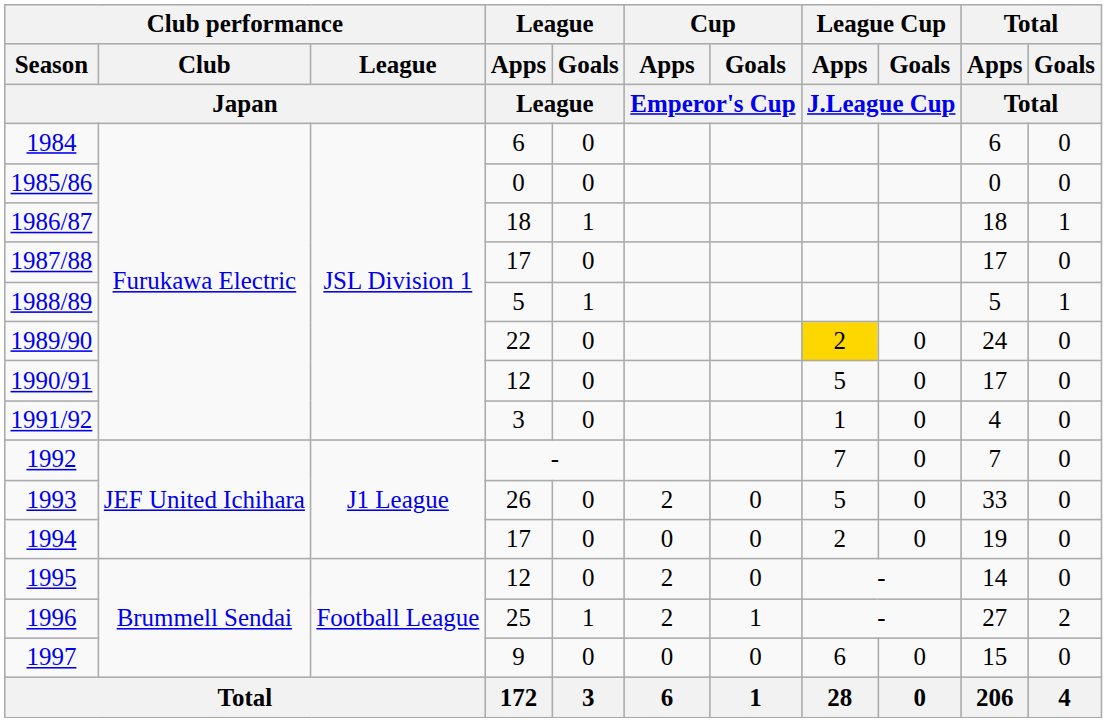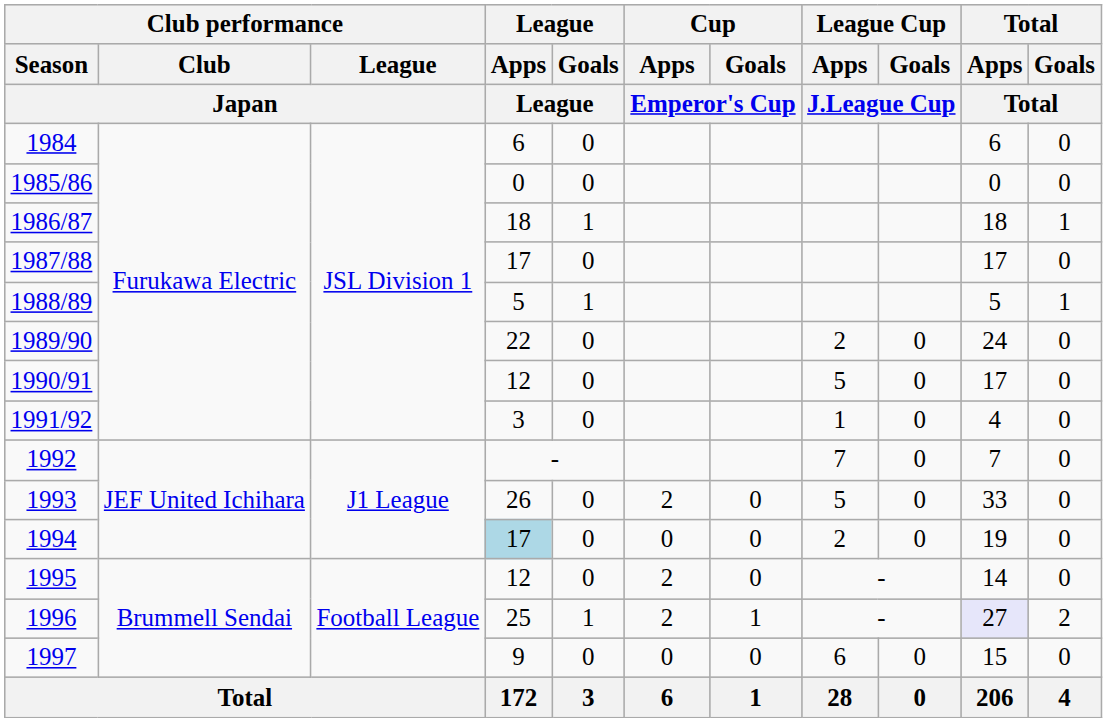 <table class="wikitable" style="text-align:center;">
 <tr>
 <th colspan=3>Club performance</th>
 <th colspan=2>League</th>
 <th colspan=2>Cup</th>
 <th colspan=2>League Cup</th>
 <th colspan=2>Total</th>
 </tr>
 <tr>
 <th>Season</th>
 <th>Club</th>
 <th>League</th>
 <th>Apps</th>
 <th>Goals</th>
 <th>Apps</th>
 <th>Goals</th>
 <th>Apps</th>
 <th>Goals</th>
 <th>Apps</th>
 <th>Goals</th>
 </tr>
 <tr>
 <th colspan=3>Japan</th>
 <th colspan=2>League</th>
 <th colspan=2><a href='#'>Emperor's Cup</a></th>
 <th colspan=2><a href='#'>J.League Cup</a></th>
 <th colspan=2>Total</th>
 </tr>
 <tr>
 <td><a href='#'>1984</a></td>
 <td rowspan="8"><a href='#'>Furukawa Electric</a></td>
 <td rowspan="8"><a href='#'>JSL Division 1</a></td>
 <td>6</td>
 <td>0</td>
 <td></td>
 <td></td>
 <td></td>
 <td></td>
 <td>6</td>
 <td>0</td>
 </tr>
 <tr>
 <td><a href='#'>1985/86</a></td>
 <td>0</td>
 <td>0</td>
 <td></td>
 <td></td>
 <td></td>
 <td></td>
 <td>0</td>
 <td>0</td>
 </tr>
 <tr>
 <td><a href='#'>1986/87</a></td>
 <td>18</td>
 <td>1</td>
 <td></td>
 <td></td>
 <td></td>
 <td></td>
 <td>18</td>
 <td>1</td>
 </tr>
 <tr>
 <td><a href='#'>1987/88</a></td>
 <td>17</td>
 <td>0</td>
 <td></td>
 <td></td>
 <td></td>
 <td></td>
 <td>17</td>
 <td>0</td>
 </tr>
 <tr>
 <td><a href='#'>1988/89</a></td>
 <td>5</td>
 <td>1</td>
 <td></td>
 <td></td>
 <td></td>
 <td></td>
 <td>5</td>
 <td>1</td>
 </tr>
 <tr>
 <td><a href='#'>1989/90</a></td>
 <td>22</td>
 <td>0</td>
 <td></td>
 <td></td>
-<td style="background: gold;">2</td>
+<td>2</td>
 <td>0</td>
 <td>24</td>
 <td>0</td>
 </tr>
 <tr>
 <td><a href='#'>1990/91</a></td>
 <td>12</td>
 <td>0</td>
 <td></td>
 <td></td>
 <td>5</td>
 <td>0</td>
 <td>17</td>
 <td>0</td>
 </tr>
 <tr>
 <td><a href='#'>1991/92</a></td>
 <td>3</td>
 <td>0</td>
 <td></td>
 <td></td>
 <td>1</td>
 <td>0</td>
 <td>4</td>
 <td>0</td>
 </tr>
 <tr>
 <td><a href='#'>1992</a></td>
 <td rowspan="3"><a href='#'>JEF United Ichihara</a></td>
 <td rowspan="3"><a href='#'>J1 League</a></td>
 <td colspan="2">-</td>
 <td></td>
 <td></td>
 <td>7</td>
 <td>0</td>
 <td>7</td>
 <td>0</td>
 </tr>
 <tr>
 <td><a href='#'>1993</a></td>
 <td>26</td>
 <td>0</td>
 <td>2</td>
 <td>0</td>
 <td>5</td>
 <td>0</td>
 <td>33</td>
 <td>0</td>
 </tr>
 <tr>
 <td><a href='#'>1994</a></td>
-<td>17</td>
+<td style="background: lightblue;">17</td>
 <td>0</td>
 <td>0</td>
 <td>0</td>
 <td>2</td>
 <td>0</td>
 <td>19</td>
 <td>0</td>
 </tr>
 <tr>
 <td><a href='#'>1995</a></td>
 <td rowspan="3"><a href='#'>Brummell Sendai</a></td>
 <td rowspan="3"><a href='#'>Football League</a></td>
 <td>12</td>
 <td>0</td>
 <td>2</td>
 <td>0</td>
 <td colspan="2">-</td>
 <td>14</td>
 <td>0</td>
 </tr>
 <tr>
 <td><a href='#'>1996</a></td>
 <td>25</td>
 <td>1</td>
 <td>2</td>
 <td>1</td>
 <td colspan="2">-</td>
-<td>27</td>
+<td style="background: lavender;">27</td>
 <td>2</td>
 </tr>
 <tr>
 <td><a href='#'>1997</a></td>
 <td>9</td>
 <td>0</td>
 <td>0</td>
 <td>0</td>
 <td>6</td>
 <td>0</td>
 <td>15</td>
 <td>0</td>
 </tr>
 <tr>
 <th colspan=3>Total</th>
 <th>172</th>
 <th>3</th>
 <th>6</th>
 <th>1</th>
 <th>28</th>
 <th>0</th>
 <th>206</th>
 <th>4</th>
 </tr>
 </table>
